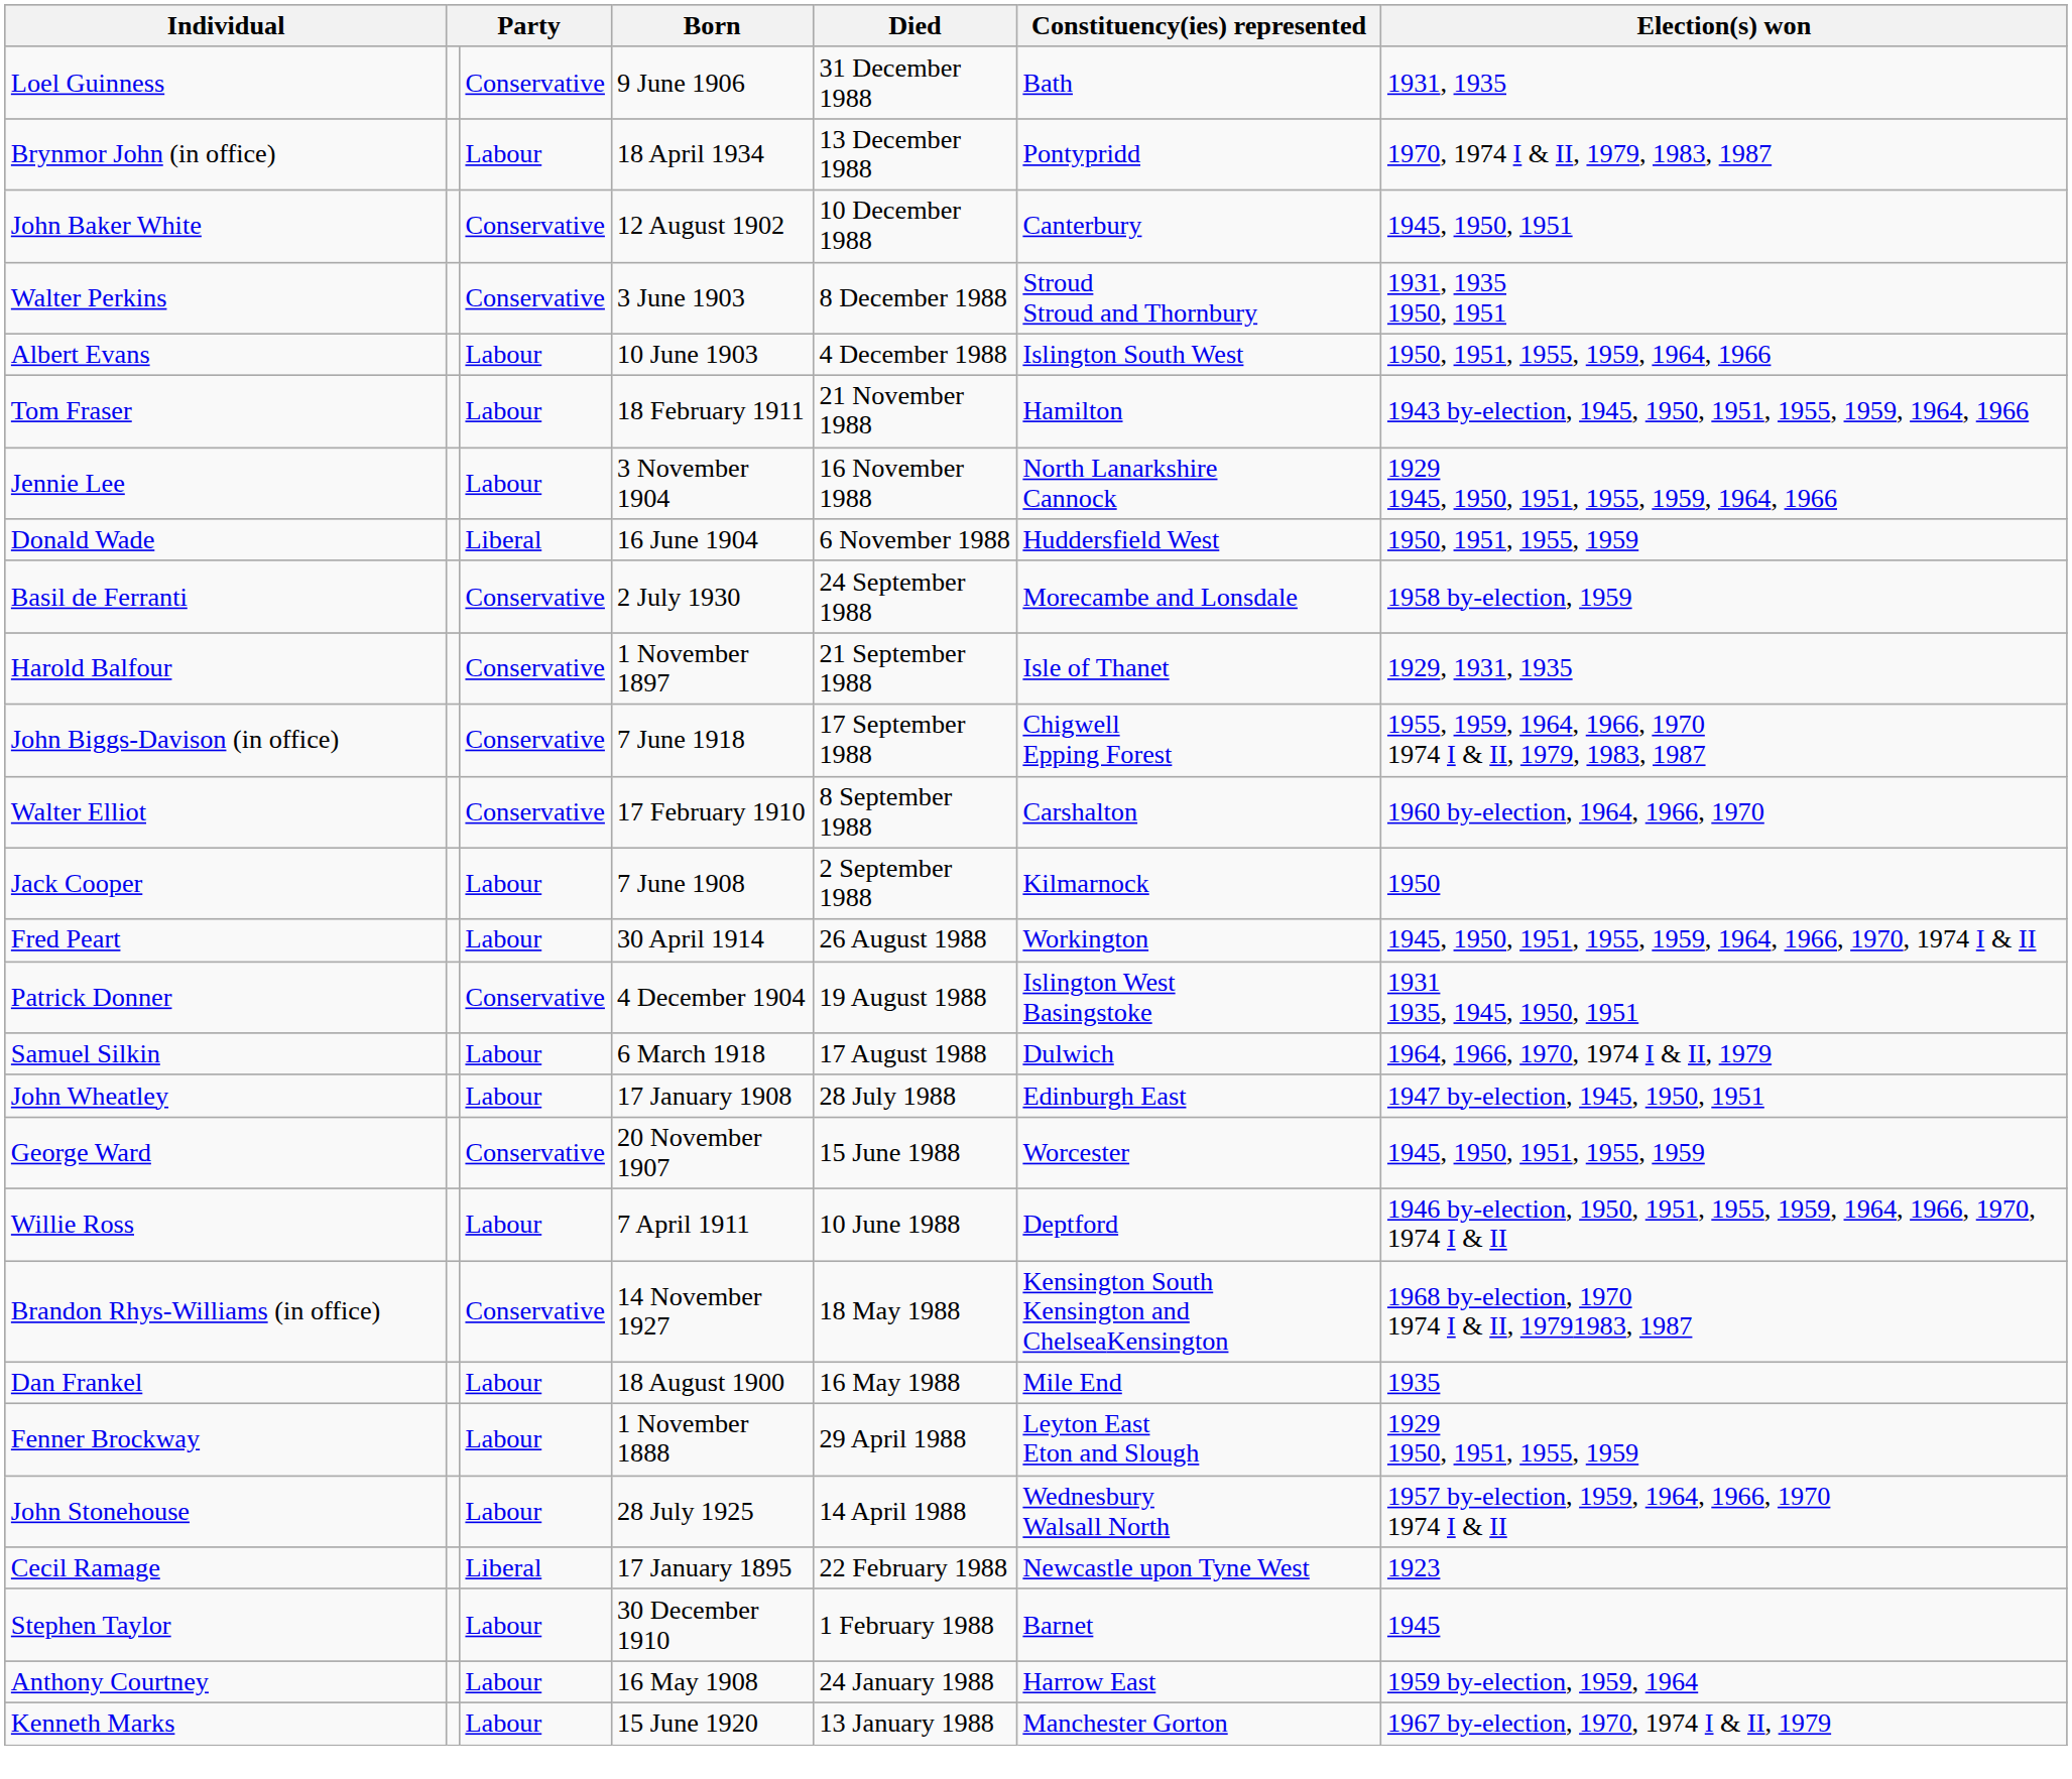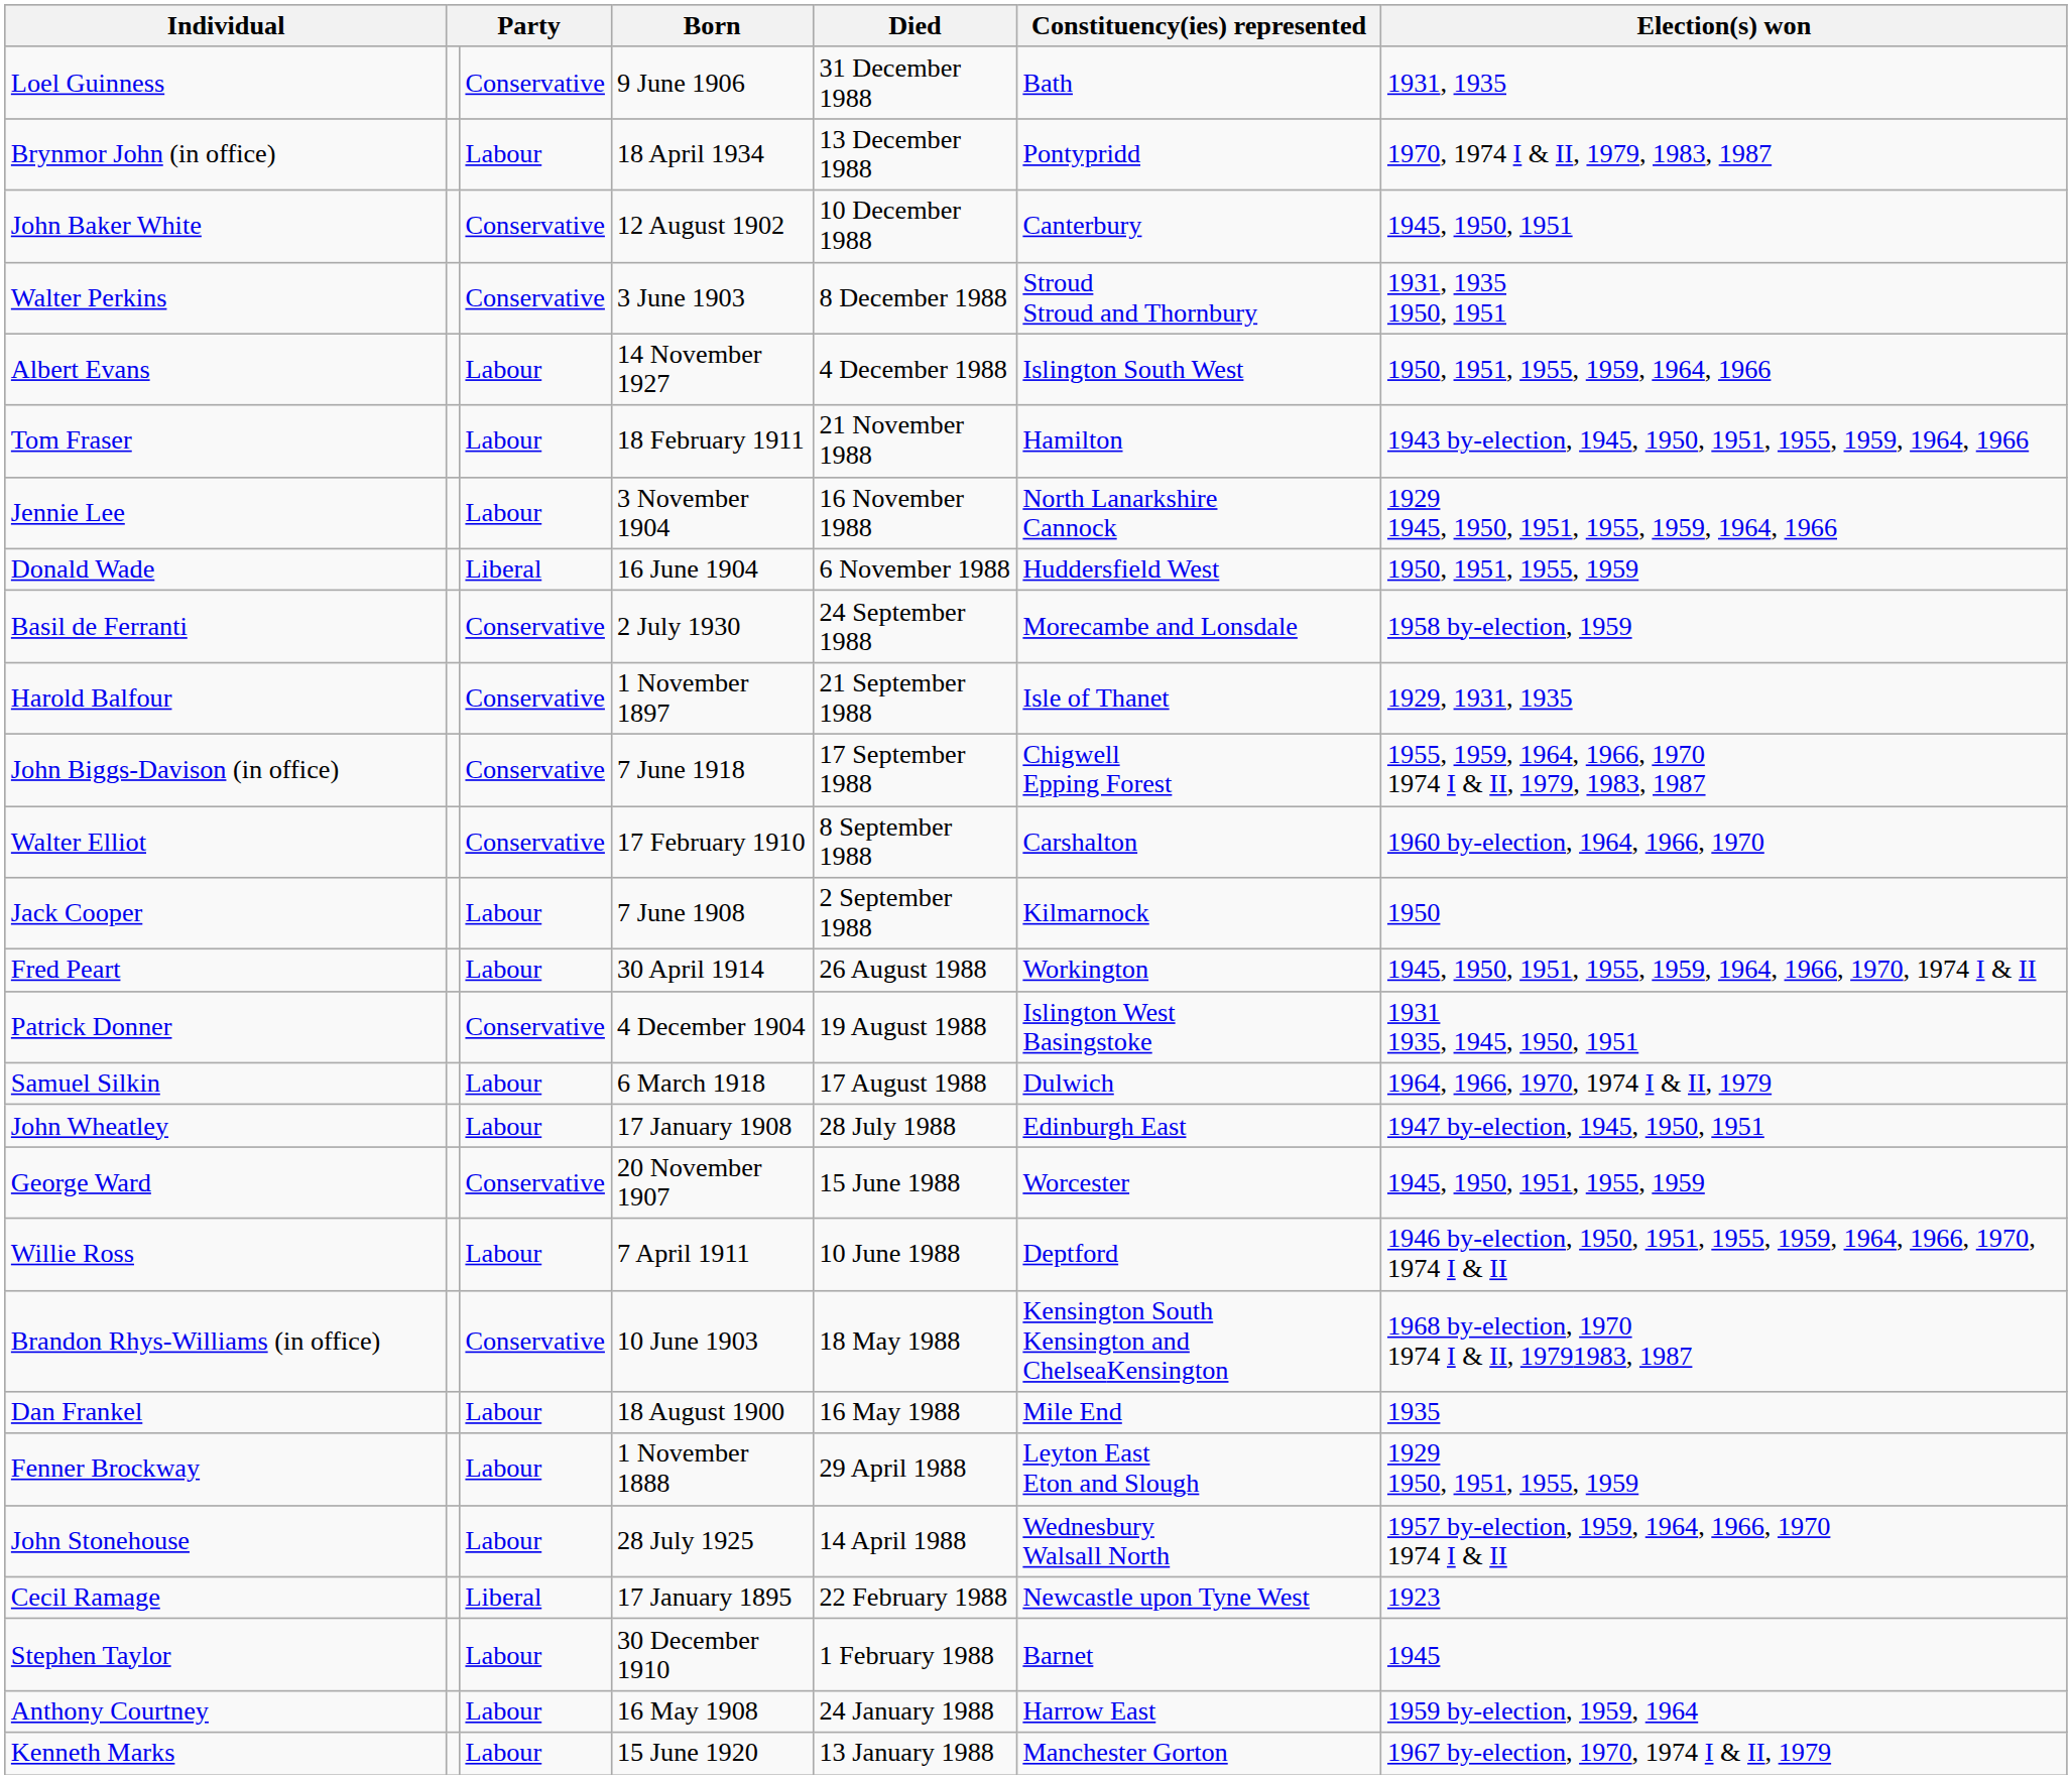 <table class="wikitable sortable">
 <tr>
 <th width="260px">Individual</th>
 <th colspan="2">Party</th>
 <th>Born</th>
 <th>Died</th>
 <th>Constituency(ies) represented</th>
 <th>Election(s) won</th>
 </tr>
 <tr>
 <td><a href='#'>Loel Guinness</a></td>
 <td style="background-color: "></td>
 <td><a href='#'>Conservative</a></td>
 <td>9 June 1906</td>
 <td>31 December 1988</td>
 <td><a href='#'>Bath</a></td>
 <td><a href='#'>1931</a>, <a href='#'>1935</a></td>
 </tr>
 <tr>
 <td><a href='#'>Brynmor John</a> (in office)</td>
 <td style="background-color: "></td>
 <td><a href='#'>Labour</a></td>
 <td>18 April 1934</td>
 <td>13 December 1988</td>
 <td><a href='#'>Pontypridd</a></td>
 <td><a href='#'>1970</a>, 1974 <a href='#'>I</a> & <a href='#'>II</a>, <a href='#'>1979</a>, <a href='#'>1983</a>, <a href='#'>1987</a></td>
 </tr>
 <tr>
 <td><a href='#'>John Baker White</a></td>
 <td style="background-color: "></td>
 <td><a href='#'>Conservative</a></td>
 <td>12 August 1902</td>
 <td>10 December 1988</td>
 <td><a href='#'>Canterbury</a></td>
 <td><a href='#'>1945</a>, <a href='#'>1950</a>, <a href='#'>1951</a></td>
 </tr>
 <tr>
 <td><a href='#'>Walter Perkins</a></td>
 <td style="background-color: "></td>
 <td><a href='#'>Conservative</a></td>
 <td>3 June 1903</td>
 <td>8 December 1988</td>
 <td><a href='#'>Stroud</a><br><a href='#'>Stroud and Thornbury</a></td>
 <td><a href='#'>1931</a>, <a href='#'>1935</a><br><a href='#'>1950</a>, <a href='#'>1951</a></td>
 </tr>
 <tr>
 <td><a href='#'>Albert Evans</a></td>
 <td style="background-color: "></td>
 <td><a href='#'>Labour</a></td>
-<td>10 June 1903</td>
+<td>14 November 1927</td>
 <td>4 December 1988</td>
 <td><a href='#'>Islington South West</a></td>
 <td><a href='#'>1950</a>, <a href='#'>1951</a>, <a href='#'>1955</a>, <a href='#'>1959</a>, <a href='#'>1964</a>, <a href='#'>1966</a></td>
 </tr>
 <tr>
 <td><a href='#'>Tom Fraser</a></td>
 <td style="background-color: "></td>
 <td><a href='#'>Labour</a></td>
 <td>18 February 1911</td>
 <td>21 November 1988</td>
 <td><a href='#'>Hamilton</a></td>
 <td><a href='#'>1943 by-election</a>, <a href='#'>1945</a>, <a href='#'>1950</a>, <a href='#'>1951</a>, <a href='#'>1955</a>, <a href='#'>1959</a>, <a href='#'>1964</a>, <a href='#'>1966</a></td>
 </tr>
 <tr>
 <td><a href='#'>Jennie Lee</a></td>
 <td style="background-color: "></td>
 <td><a href='#'>Labour</a></td>
 <td>3 November 1904</td>
 <td>16 November 1988</td>
 <td><a href='#'>North Lanarkshire</a><br><a href='#'>Cannock</a></td>
 <td><a href='#'>1929</a><br><a href='#'>1945</a>, <a href='#'>1950</a>, <a href='#'>1951</a>, <a href='#'>1955</a>, <a href='#'>1959</a>, <a href='#'>1964</a>, <a href='#'>1966</a></td>
 </tr>
 <tr>
 <td><a href='#'>Donald Wade</a></td>
 <td style="background-color: "></td>
 <td><a href='#'>Liberal</a></td>
 <td>16 June 1904</td>
 <td>6 November 1988</td>
 <td><a href='#'>Huddersfield West</a></td>
 <td><a href='#'>1950</a>, <a href='#'>1951</a>, <a href='#'>1955</a>, <a href='#'>1959</a></td>
 </tr>
 <tr>
 <td><a href='#'>Basil de Ferranti</a></td>
 <td style="background-color: "></td>
 <td><a href='#'>Conservative</a></td>
 <td>2 July 1930</td>
 <td>24 September 1988</td>
 <td><a href='#'>Morecambe and Lonsdale</a></td>
 <td><a href='#'>1958 by-election</a>, <a href='#'>1959</a></td>
 </tr>
 <tr>
 <td><a href='#'>Harold Balfour</a></td>
 <td style="background-color: "></td>
 <td><a href='#'>Conservative</a></td>
 <td>1 November 1897</td>
 <td>21 September 1988</td>
 <td><a href='#'>Isle of Thanet</a></td>
 <td><a href='#'>1929</a>, <a href='#'>1931</a>, <a href='#'>1935</a></td>
 </tr>
 <tr>
 <td><a href='#'>John Biggs-Davison</a> (in office)</td>
 <td style="background-color: "></td>
 <td><a href='#'>Conservative</a></td>
 <td>7 June 1918</td>
 <td>17 September 1988</td>
 <td><a href='#'>Chigwell</a><br><a href='#'>Epping Forest</a></td>
 <td><a href='#'>1955</a>, <a href='#'>1959</a>, <a href='#'>1964</a>, <a href='#'>1966</a>, <a href='#'>1970</a><br>1974 <a href='#'>I</a> & <a href='#'>II</a>, <a href='#'>1979</a>, <a href='#'>1983</a>, <a href='#'>1987</a></td>
 </tr>
 <tr>
 <td><a href='#'>Walter Elliot</a></td>
 <td style="background-color: "></td>
 <td><a href='#'>Conservative</a></td>
 <td>17 February 1910</td>
 <td>8 September 1988</td>
 <td><a href='#'>Carshalton</a></td>
 <td><a href='#'>1960 by-election</a>, <a href='#'>1964</a>, <a href='#'>1966</a>, <a href='#'>1970</a></td>
 </tr>
 <tr>
 <td><a href='#'>Jack Cooper</a></td>
 <td style="background-color: "></td>
 <td><a href='#'>Labour</a></td>
 <td>7 June 1908</td>
 <td>2 September 1988</td>
 <td><a href='#'>Kilmarnock</a></td>
 <td><a href='#'>1950</a></td>
 </tr>
 <tr>
 <td><a href='#'>Fred Peart</a></td>
 <td style="background-color: "></td>
 <td><a href='#'>Labour</a></td>
 <td>30 April 1914</td>
 <td>26 August 1988</td>
 <td><a href='#'>Workington</a></td>
 <td><a href='#'>1945</a>, <a href='#'>1950</a>, <a href='#'>1951</a>, <a href='#'>1955</a>, <a href='#'>1959</a>, <a href='#'>1964</a>, <a href='#'>1966</a>, <a href='#'>1970</a>, 1974 <a href='#'>I</a> & <a href='#'>II</a></td>
 </tr>
 <tr>
 <td><a href='#'>Patrick Donner</a></td>
 <td style="background-color: "></td>
 <td><a href='#'>Conservative</a></td>
 <td>4 December 1904</td>
 <td>19 August 1988</td>
 <td><a href='#'>Islington West</a><br><a href='#'>Basingstoke</a></td>
 <td><a href='#'>1931</a><br><a href='#'>1935</a>, <a href='#'>1945</a>, <a href='#'>1950</a>, <a href='#'>1951</a></td>
 </tr>
 <tr>
 <td><a href='#'>Samuel Silkin</a></td>
 <td style="background-color: "></td>
 <td><a href='#'>Labour</a></td>
 <td>6 March 1918</td>
 <td>17 August 1988</td>
 <td><a href='#'>Dulwich</a></td>
 <td><a href='#'>1964</a>, <a href='#'>1966</a>, <a href='#'>1970</a>, 1974 <a href='#'>I</a> & <a href='#'>II</a>, <a href='#'>1979</a></td>
 </tr>
 <tr>
 <td><a href='#'>John Wheatley</a></td>
 <td style="background-color: "></td>
 <td><a href='#'>Labour</a></td>
 <td>17 January 1908</td>
 <td>28 July 1988</td>
 <td><a href='#'>Edinburgh East</a></td>
 <td><a href='#'>1947 by-election</a>, <a href='#'>1945</a>, <a href='#'>1950</a>, <a href='#'>1951</a></td>
 </tr>
 <tr>
 <td><a href='#'>George Ward</a></td>
 <td style="background-color: "></td>
 <td><a href='#'>Conservative</a></td>
 <td>20 November 1907</td>
 <td>15 June 1988</td>
 <td><a href='#'>Worcester</a></td>
 <td><a href='#'>1945</a>, <a href='#'>1950</a>, <a href='#'>1951</a>, <a href='#'>1955</a>, <a href='#'>1959</a></td>
 </tr>
 <tr>
 <td><a href='#'>Willie Ross</a></td>
 <td style="background-color: "></td>
 <td><a href='#'>Labour</a></td>
 <td>7 April 1911</td>
 <td>10 June 1988</td>
 <td><a href='#'>Deptford</a></td>
 <td><a href='#'>1946 by-election</a>, <a href='#'>1950</a>, <a href='#'>1951</a>, <a href='#'>1955</a>, <a href='#'>1959</a>, <a href='#'>1964</a>, <a href='#'>1966</a>, <a href='#'>1970</a>, 1974 <a href='#'>I</a> & <a href='#'>II</a></td>
 </tr>
 <tr>
 <td><a href='#'>Brandon Rhys-Williams</a> (in office)</td>
 <td style="background-color: "></td>
 <td><a href='#'>Conservative</a></td>
-<td>14 November 1927</td>
+<td>10 June 1903</td>
 <td>18 May 1988</td>
 <td><a href='#'>Kensington South</a><br><a href='#'>Kensington and Chelsea</a><a href='#'>Kensington</a></td>
 <td><a href='#'>1968 by-election</a>, <a href='#'>1970</a><br>1974 <a href='#'>I</a> & <a href='#'>II</a>, <a href='#'>1979</a><a href='#'>1983</a>, <a href='#'>1987</a></td>
 </tr>
 <tr>
 <td><a href='#'>Dan Frankel</a></td>
 <td style="background-color: "></td>
 <td><a href='#'>Labour</a></td>
 <td>18 August 1900</td>
 <td>16 May 1988</td>
 <td><a href='#'>Mile End</a></td>
 <td><a href='#'>1935</a></td>
 </tr>
 <tr>
 <td><a href='#'>Fenner Brockway</a></td>
 <td style="background-color: "></td>
 <td><a href='#'>Labour</a></td>
 <td>1 November 1888</td>
 <td>29 April 1988</td>
 <td><a href='#'>Leyton East</a><br><a href='#'>Eton and Slough</a></td>
 <td><a href='#'>1929</a><br><a href='#'>1950</a>, <a href='#'>1951</a>, <a href='#'>1955</a>, <a href='#'>1959</a></td>
 </tr>
 <tr>
 <td><a href='#'>John Stonehouse</a></td>
 <td style="background-color: "></td>
 <td><a href='#'>Labour</a></td>
 <td>28 July 1925</td>
 <td>14 April 1988</td>
 <td><a href='#'>Wednesbury</a><br><a href='#'>Walsall North</a></td>
 <td><a href='#'>1957 by-election</a>, <a href='#'>1959</a>, <a href='#'>1964</a>, <a href='#'>1966</a>, <a href='#'>1970</a><br>1974 <a href='#'>I</a> & <a href='#'>II</a></td>
 </tr>
 <tr>
 <td><a href='#'>Cecil Ramage</a></td>
 <td style="background-color: "></td>
 <td><a href='#'>Liberal</a></td>
 <td>17 January 1895</td>
 <td>22 February 1988</td>
 <td><a href='#'>Newcastle upon Tyne West</a></td>
 <td><a href='#'>1923</a></td>
 </tr>
 <tr>
 <td><a href='#'>Stephen Taylor</a></td>
 <td style="background-color: "></td>
 <td><a href='#'>Labour</a></td>
 <td>30 December 1910</td>
 <td>1 February 1988</td>
 <td><a href='#'>Barnet</a></td>
 <td><a href='#'>1945</a></td>
 </tr>
 <tr>
 <td><a href='#'>Anthony Courtney</a></td>
 <td style="background-color: "></td>
 <td><a href='#'>Labour</a></td>
 <td>16 May 1908</td>
 <td>24 January 1988</td>
 <td><a href='#'>Harrow East</a></td>
 <td><a href='#'>1959 by-election</a>, <a href='#'>1959</a>, <a href='#'>1964</a></td>
 </tr>
 <tr>
 <td><a href='#'>Kenneth Marks</a></td>
 <td style="background-color: "></td>
 <td><a href='#'>Labour</a></td>
 <td>15 June 1920</td>
 <td>13 January 1988</td>
 <td><a href='#'>Manchester Gorton</a></td>
 <td><a href='#'>1967 by-election</a>, <a href='#'>1970</a>, 1974 <a href='#'>I</a> & <a href='#'>II</a>, <a href='#'>1979</a></td>
 </tr>
 </table>
